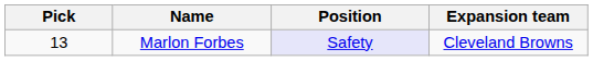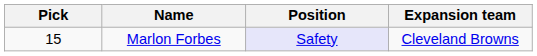 <table class="wikitable" style="text-align:center">
 <tr>
 <th width=100px>Pick</th>
 <th width=150px>Name</th>
 <th width=150px>Position</th>
 <th width=150px>Expansion team</th>
 </tr>
 <tr>
-<td>13</td>
+<td>15</td>
 <td><a href='#'>Marlon Forbes</a></td>
 <td style="background: lavender;"><a href='#'>Safety</a></td>
 <td rowspan="2"><a href='#'>Cleveland Browns</a></td>
 </tr>
 </table>
